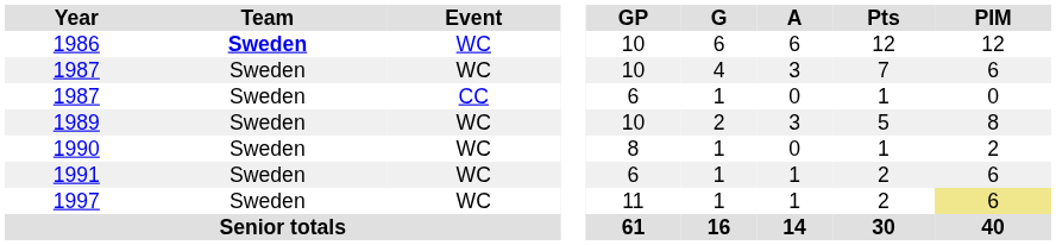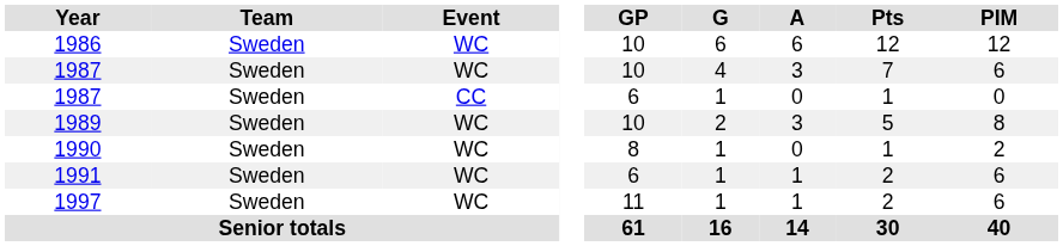 <table border="0" cellpadding="1" cellspacing="0" style="text-align:center; width:50em">
 <tr ALIGN="center" bgcolor="#e0e0e0">
 <th>Year</th>
 <th>Team</th>
 <th>Event</th>
 <th rowspan="99" bgcolor="#ffffff"> </th>
 <th>GP</th>
 <th>G</th>
 <th>A</th>
 <th>Pts</th>
 <th>PIM</th>
 </tr>
 <tr>
 <td><a href='#'>1986</a></td>
-<td><strong><a href='#'>Sweden</a></strong></td>
+<td><a href='#'>Sweden</a></td>
 <td><a href='#'>WC</a></td>
 <td>10</td>
 <td>6</td>
 <td>6</td>
 <td>12</td>
 <td>12</td>
 </tr>
 <tr bgcolor="#f0f0f0">
 <td><a href='#'>1987</a></td>
 <td>Sweden</td>
 <td>WC</td>
 <td>10</td>
 <td>4</td>
 <td>3</td>
 <td>7</td>
 <td>6</td>
 </tr>
 <tr>
 <td><a href='#'>1987</a></td>
 <td>Sweden</td>
 <td><a href='#'>CC</a></td>
 <td>6</td>
 <td>1</td>
 <td>0</td>
 <td>1</td>
 <td>0</td>
 </tr>
 <tr bgcolor="#f0f0f0">
 <td><a href='#'>1989</a></td>
 <td>Sweden</td>
 <td>WC</td>
 <td>10</td>
 <td>2</td>
 <td>3</td>
 <td>5</td>
 <td>8</td>
 </tr>
 <tr>
 <td><a href='#'>1990</a></td>
 <td>Sweden</td>
 <td>WC</td>
 <td>8</td>
 <td>1</td>
 <td>0</td>
 <td>1</td>
 <td>2</td>
 </tr>
 <tr bgcolor="#f0f0f0">
 <td><a href='#'>1991</a></td>
 <td>Sweden</td>
 <td>WC</td>
 <td>6</td>
 <td>1</td>
 <td>1</td>
 <td>2</td>
 <td>6</td>
 </tr>
 <tr>
 <td><a href='#'>1997</a></td>
 <td>Sweden</td>
 <td>WC</td>
 <td>11</td>
 <td>1</td>
 <td>1</td>
 <td>2</td>
-<td style="background: khaki;">6</td>
+<td>6</td>
 </tr>
 <tr bgcolor="#e0e0e0">
 <th colspan=3>Senior totals</th>
 <th>61</th>
 <th>16</th>
 <th>14</th>
 <th>30</th>
 <th>40</th>
 </tr>
 </table>
